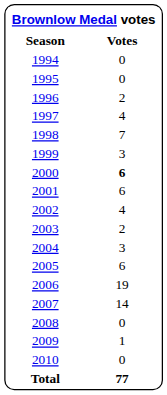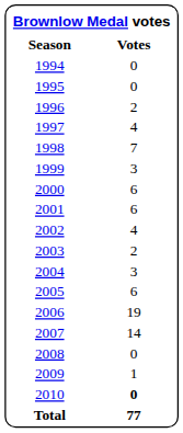 <table table style="margin-right: 4px; margin-top: 8px; float: right; border: 1px #000000 solid; border-radius: 8px; background: #FFFFFF; font-family: Verdana; font-size: 8pt; text-align: center;">
 <tr style="background:#FFFFFF;">
 <td colspan=2; style="padding: 3px; margin-bottom: -3px; margin-top: 2px; font-family: Arial; background:#FFFFFF;"><strong><a href='#'>Brownlow Medal</a> votes</strong></td>
 </tr>
 <tr>
 <th width=50%>Season</th>
 <th width=50%>Votes</th>
 </tr>
 <tr>
 <td><a href='#'>1994</a></td>
 <td>0</td>
 </tr>
 <tr>
 <td><a href='#'>1995</a></td>
 <td>0</td>
 </tr>
 <tr>
 <td><a href='#'>1996</a></td>
 <td>2</td>
 </tr>
 <tr>
 <td><a href='#'>1997</a></td>
 <td>4</td>
 </tr>
 <tr>
 <td><a href='#'>1998</a></td>
 <td>7</td>
 </tr>
 <tr>
 <td><a href='#'>1999</a></td>
 <td>3</td>
 </tr>
 <tr>
 <td><a href='#'>2000</a></td>
-<td><strong>6</strong></td>
+<td>6</td>
 </tr>
 <tr>
 <td><a href='#'>2001</a></td>
 <td>6</td>
 </tr>
 <tr>
 <td><a href='#'>2002</a></td>
 <td>4</td>
 </tr>
 <tr>
 <td><a href='#'>2003</a></td>
 <td>2</td>
 </tr>
 <tr>
 <td><a href='#'>2004</a></td>
 <td>3</td>
 </tr>
 <tr>
 <td><a href='#'>2005</a></td>
 <td>6</td>
 </tr>
 <tr>
 <td><a href='#'>2006</a></td>
 <td>19</td>
 </tr>
 <tr>
 <td><a href='#'>2007</a></td>
 <td>14</td>
 </tr>
 <tr>
 <td><a href='#'>2008</a></td>
 <td>0</td>
 </tr>
 <tr>
 <td><a href='#'>2009</a></td>
 <td>1</td>
 </tr>
 <tr>
 <td><a href='#'>2010</a></td>
-<td>0</td>
+<td><strong>0</strong></td>
 </tr>
 <tr>
 <td><strong>Total</strong></td>
 <td><strong>77</strong></td>
 </tr>
 </table>
